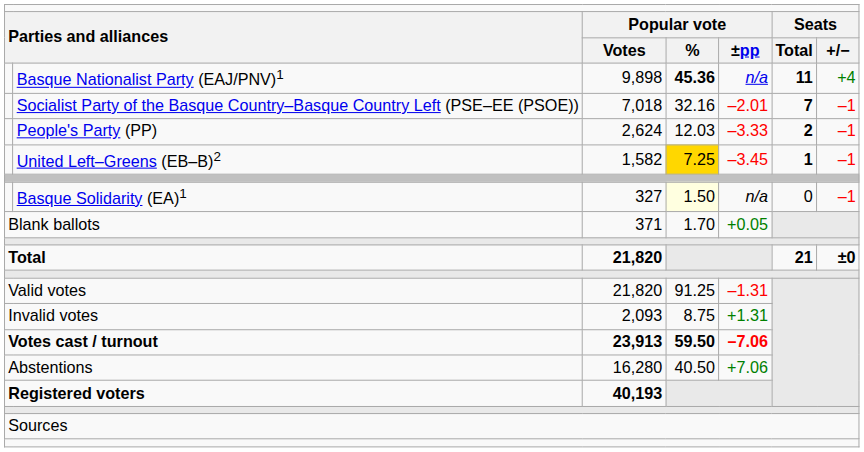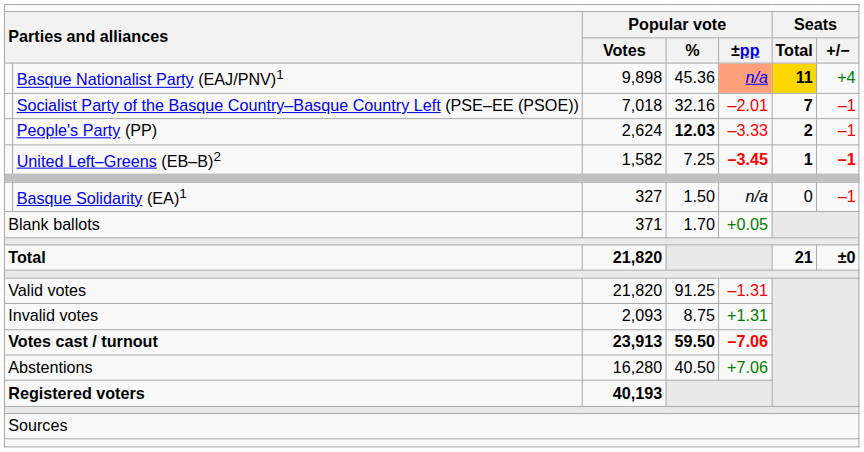 <table class="wikitable" style="text-align:right;">
 <tr>
 <td colspan="7"></td>
 </tr>
 <tr>
 <th style="text-align:left;" rowspan="2" colspan="2" width="525">Parties and alliances</th>
 <th colspan="3">Popular vote</th>
 <th colspan="2">Seats</th>
 </tr>
 <tr>
 <th width="75">Votes</th>
 <th width="45">%</th>
 <th width="45">±<a href='#'>pp</a></th>
 <th width="35">Total</th>
 <th width="35">+/−</th>
 </tr>
 <tr>
 <td width="1" style="color:inherit;background:"></td>
 <td align="left"><a href='#'>Basque Nationalist Party</a> (EAJ/PNV)<sup>1</sup></td>
 <td>9,898</td>
-<td><strong>45.36</strong></td>
-<td><em><a href='#'>n/a</a></em></td>
-<td><strong>11</strong></td>
+<td>45.36</td>
+<td style="background: lightsalmon;"><em><a href='#'>n/a</a></em></td>
+<td style="background: gold;"><strong>11</strong></td>
 <td style="color:green;">+4</td>
 </tr>
 <tr>
 <td style="color:inherit;background:"></td>
 <td align="left"><a href='#'>Socialist Party of the Basque Country–Basque Country Left</a> (PSE–EE (PSOE))</td>
 <td>7,018</td>
 <td>32.16</td>
 <td style="color:red;">–2.01</td>
 <td><strong>7</strong></td>
 <td style="color:red;">–1</td>
 </tr>
 <tr>
 <td style="color:inherit;background:"></td>
 <td align="left"><a href='#'>People's Party</a> (PP)</td>
 <td>2,624</td>
-<td>12.03</td>
+<td><strong>12.03</strong></td>
 <td style="color:red;">–3.33</td>
 <td><strong>2</strong></td>
 <td style="color:red;">–1</td>
 </tr>
 <tr>
 <td style="color:inherit;background:"></td>
 <td align="left"><a href='#'>United Left–Greens</a> (EB–B)<sup>2</sup></td>
 <td>1,582</td>
-<td style="background: gold;">7.25</td>
-<td style="color:red;">–3.45</td>
+<td>7.25</td>
+<td style="color:red;"><strong>–3.45</strong></td>
 <td><strong>1</strong></td>
-<td style="color:red;">–1</td>
+<td style="color:red;"><strong>–1</strong></td>
 </tr>
 <tr>
 <td colspan="7" bgcolor="#C0C0C0"></td>
 </tr>
 <tr>
 <td style="color:inherit;background:"></td>
 <td align="left"><a href='#'>Basque Solidarity</a> (EA)<sup>1</sup></td>
 <td>327</td>
-<td style="background: lightyellow;">1.50</td>
+<td>1.50</td>
 <td><em>n/a</em></td>
 <td>0</td>
 <td style="color:red;">–1</td>
 </tr>
 <tr>
 <td align="left" colspan="2">Blank ballots</td>
 <td>371</td>
 <td>1.70</td>
 <td style="color:green;">+0.05</td>
 <td bgcolor="#E9E9E9" colspan="2"></td>
 </tr>
 <tr>
 <td colspan="7" bgcolor="#E9E9E9"></td>
 </tr>
 <tr style="font-weight:bold;">
 <td align="left" colspan="2">Total</td>
 <td>21,820</td>
 <td bgcolor="#E9E9E9" colspan="2"></td>
 <td>21</td>
 <td>±0</td>
 </tr>
 <tr>
 <td colspan="7" bgcolor="#E9E9E9"></td>
 </tr>
 <tr>
 <td align="left" colspan="2">Valid votes</td>
 <td>21,820</td>
 <td>91.25</td>
 <td style="color:red;">–1.31</td>
 <td bgcolor="#E9E9E9" colspan="2" rowspan="5"></td>
 </tr>
 <tr>
 <td align="left" colspan="2">Invalid votes</td>
 <td>2,093</td>
 <td>8.75</td>
 <td style="color:green;">+1.31</td>
 </tr>
 <tr style="font-weight:bold;">
 <td align="left" colspan="2">Votes cast / turnout</td>
 <td>23,913</td>
 <td>59.50</td>
 <td style="color:red;">–7.06</td>
 </tr>
 <tr>
 <td align="left" colspan="2">Abstentions</td>
 <td>16,280</td>
 <td>40.50</td>
 <td style="color:green;">+7.06</td>
 </tr>
 <tr style="font-weight:bold;">
 <td align="left" colspan="2">Registered voters</td>
 <td>40,193</td>
 <td bgcolor="#E9E9E9" colspan="2"></td>
 </tr>
 <tr>
 <td colspan="7" bgcolor="#E9E9E9"></td>
 </tr>
 <tr>
 <td align="left" colspan="7">Sources</td>
 </tr>
 <tr>
 <td colspan="7" style="text-align:left; max-width:790px;"></td>
 </tr>
 </table>
